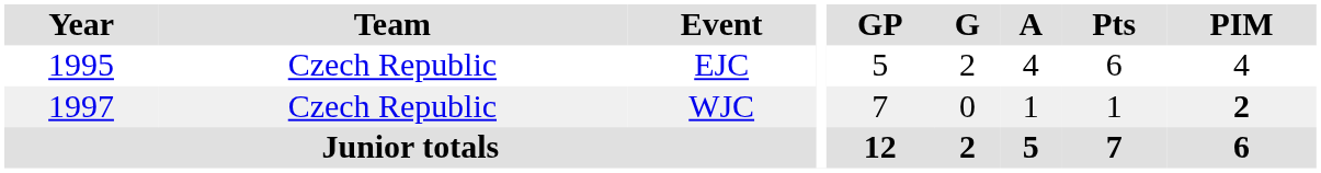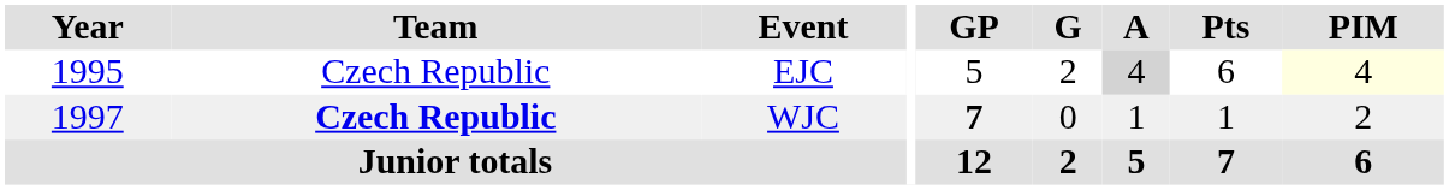 <table border="0" cellpadding="1" cellspacing="0" ID="Table3" style="text-align:center; width:40em">
 <tr ALIGN="center" bgcolor="#e0e0e0">
 <th>Year</th>
 <th>Team</th>
 <th>Event</th>
 <th rowspan="99" bgcolor="#ffffff"></th>
 <th>GP</th>
 <th>G</th>
 <th>A</th>
 <th>Pts</th>
 <th>PIM</th>
 </tr>
 <tr>
 <td><a href='#'>1995</a></td>
 <td><a href='#'>Czech Republic</a></td>
 <td><a href='#'>EJC</a></td>
 <td>5</td>
 <td>2</td>
-<td>4</td>
+<td style="background: lightgrey;">4</td>
 <td>6</td>
-<td>4</td>
+<td style="background: lightyellow;">4</td>
 </tr>
 <tr bgcolor="#f0f0f0">
 <td><a href='#'>1997</a></td>
-<td><a href='#'>Czech Republic</a></td>
+<td><strong><a href='#'>Czech Republic</a></strong></td>
 <td><a href='#'>WJC</a></td>
-<td>7</td>
+<td><strong>7</strong></td>
 <td>0</td>
 <td>1</td>
 <td>1</td>
-<td><strong>2</strong></td>
+<td>2</td>
 </tr>
 <tr bgcolor="#e0e0e0">
 <th colspan="3">Junior totals</th>
 <th>12</th>
 <th>2</th>
 <th>5</th>
 <th>7</th>
 <th>6</th>
 </tr>
 </table>
